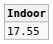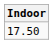 <table class="wikitable" border="1" align="upright">
 <tr>
 <th>Indoor</th>
 </tr>
 <tr>
-<td>17.55</td>
+<td>17.50</td>
 </tr>
 </table>
